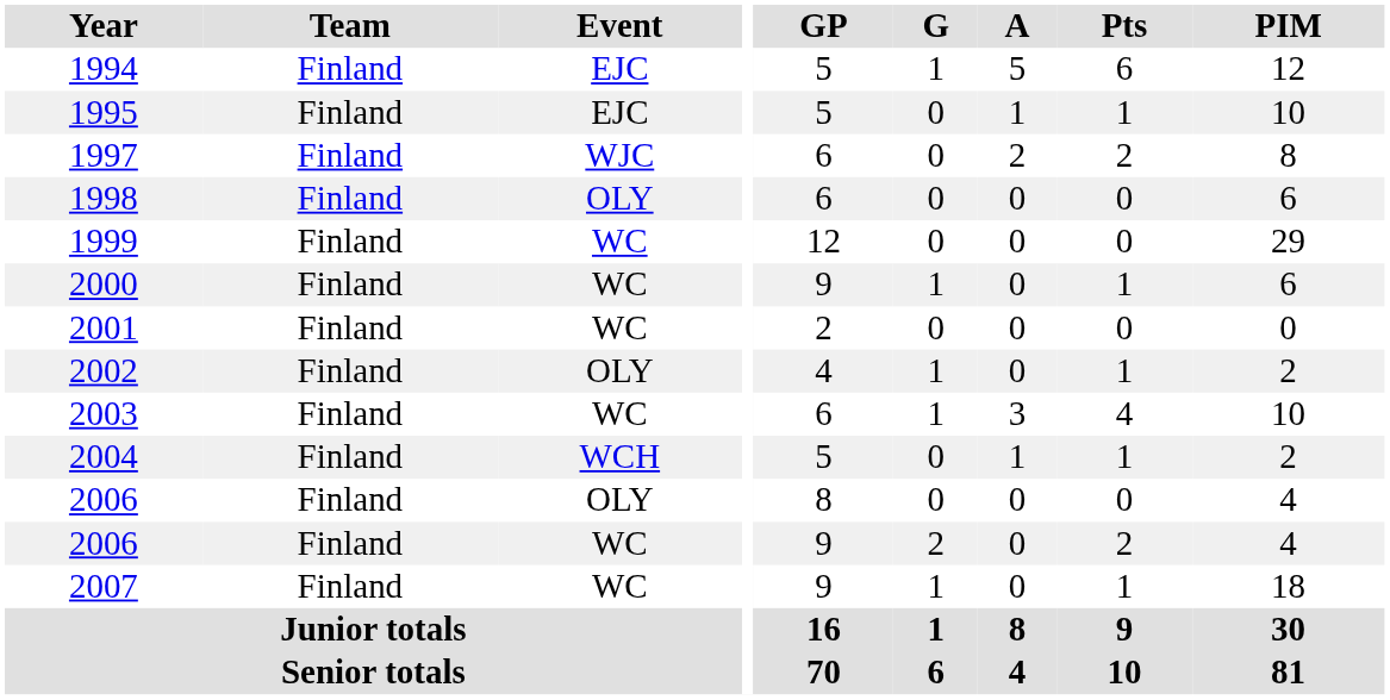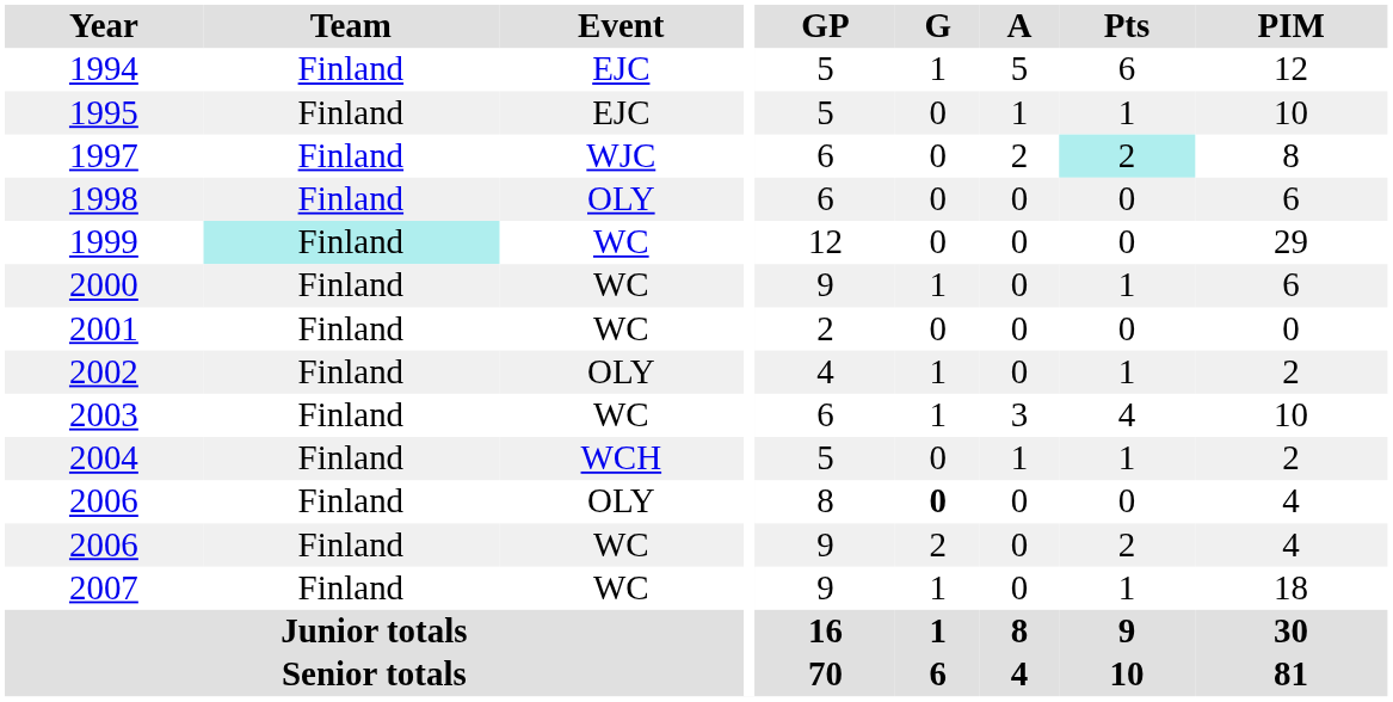 <table border="0" cellpadding="1" cellspacing="0" ID="Table3" style="text-align:center; width:40em">
 <tr bgcolor="#e0e0e0">
 <th>Year</th>
 <th>Team</th>
 <th>Event</th>
 <th rowspan="102" bgcolor="#ffffff"></th>
 <th>GP</th>
 <th>G</th>
 <th>A</th>
 <th>Pts</th>
 <th>PIM</th>
 </tr>
 <tr>
 <td><a href='#'>1994</a></td>
 <td><a href='#'>Finland</a></td>
 <td><a href='#'>EJC</a></td>
 <td>5</td>
 <td>1</td>
 <td>5</td>
 <td>6</td>
 <td>12</td>
 </tr>
 <tr bgcolor="#f0f0f0">
 <td><a href='#'>1995</a></td>
 <td>Finland</td>
 <td>EJC</td>
 <td>5</td>
 <td>0</td>
 <td>1</td>
 <td>1</td>
 <td>10</td>
 </tr>
 <tr>
 <td><a href='#'>1997</a></td>
 <td><a href='#'>Finland</a></td>
 <td><a href='#'>WJC</a></td>
 <td>6</td>
 <td>0</td>
 <td>2</td>
-<td>2</td>
+<td style="background: paleturquoise;">2</td>
 <td>8</td>
 </tr>
 <tr bgcolor="#f0f0f0">
 <td><a href='#'>1998</a></td>
 <td><a href='#'>Finland</a></td>
 <td><a href='#'>OLY</a></td>
 <td>6</td>
 <td>0</td>
 <td>0</td>
 <td>0</td>
 <td>6</td>
 </tr>
 <tr>
 <td><a href='#'>1999</a></td>
-<td>Finland</td>
+<td style="background: paleturquoise;">Finland</td>
 <td><a href='#'>WC</a></td>
 <td>12</td>
 <td>0</td>
 <td>0</td>
 <td>0</td>
 <td>29</td>
 </tr>
 <tr bgcolor="#f0f0f0">
 <td><a href='#'>2000</a></td>
 <td>Finland</td>
 <td>WC</td>
 <td>9</td>
 <td>1</td>
 <td>0</td>
 <td>1</td>
 <td>6</td>
 </tr>
 <tr>
 <td><a href='#'>2001</a></td>
 <td>Finland</td>
 <td>WC</td>
 <td>2</td>
 <td>0</td>
 <td>0</td>
 <td>0</td>
 <td>0</td>
 </tr>
 <tr bgcolor="#f0f0f0">
 <td><a href='#'>2002</a></td>
 <td>Finland</td>
 <td>OLY</td>
 <td>4</td>
 <td>1</td>
 <td>0</td>
 <td>1</td>
 <td>2</td>
 </tr>
 <tr>
 <td><a href='#'>2003</a></td>
 <td>Finland</td>
 <td>WC</td>
 <td>6</td>
 <td>1</td>
 <td>3</td>
 <td>4</td>
 <td>10</td>
 </tr>
 <tr bgcolor="#f0f0f0">
 <td><a href='#'>2004</a></td>
 <td>Finland</td>
 <td><a href='#'>WCH</a></td>
 <td>5</td>
 <td>0</td>
 <td>1</td>
 <td>1</td>
 <td>2</td>
 </tr>
 <tr>
 <td><a href='#'>2006</a></td>
 <td>Finland</td>
 <td>OLY</td>
 <td>8</td>
-<td>0</td>
+<td><strong>0</strong></td>
 <td>0</td>
 <td>0</td>
 <td>4</td>
 </tr>
 <tr bgcolor="#f0f0f0">
 <td><a href='#'>2006</a></td>
 <td>Finland</td>
 <td>WC</td>
 <td>9</td>
 <td>2</td>
 <td>0</td>
 <td>2</td>
 <td>4</td>
 </tr>
 <tr>
 <td><a href='#'>2007</a></td>
 <td>Finland</td>
 <td>WC</td>
 <td>9</td>
 <td>1</td>
 <td>0</td>
 <td>1</td>
 <td>18</td>
 </tr>
 <tr bgcolor="#e0e0e0">
 <th colspan=3>Junior totals</th>
 <th>16</th>
 <th>1</th>
 <th>8</th>
 <th>9</th>
 <th>30</th>
 </tr>
 <tr bgcolor="#e0e0e0">
 <th colspan=3>Senior totals</th>
 <th>70</th>
 <th>6</th>
 <th>4</th>
 <th>10</th>
 <th>81</th>
 </tr>
 </table>
